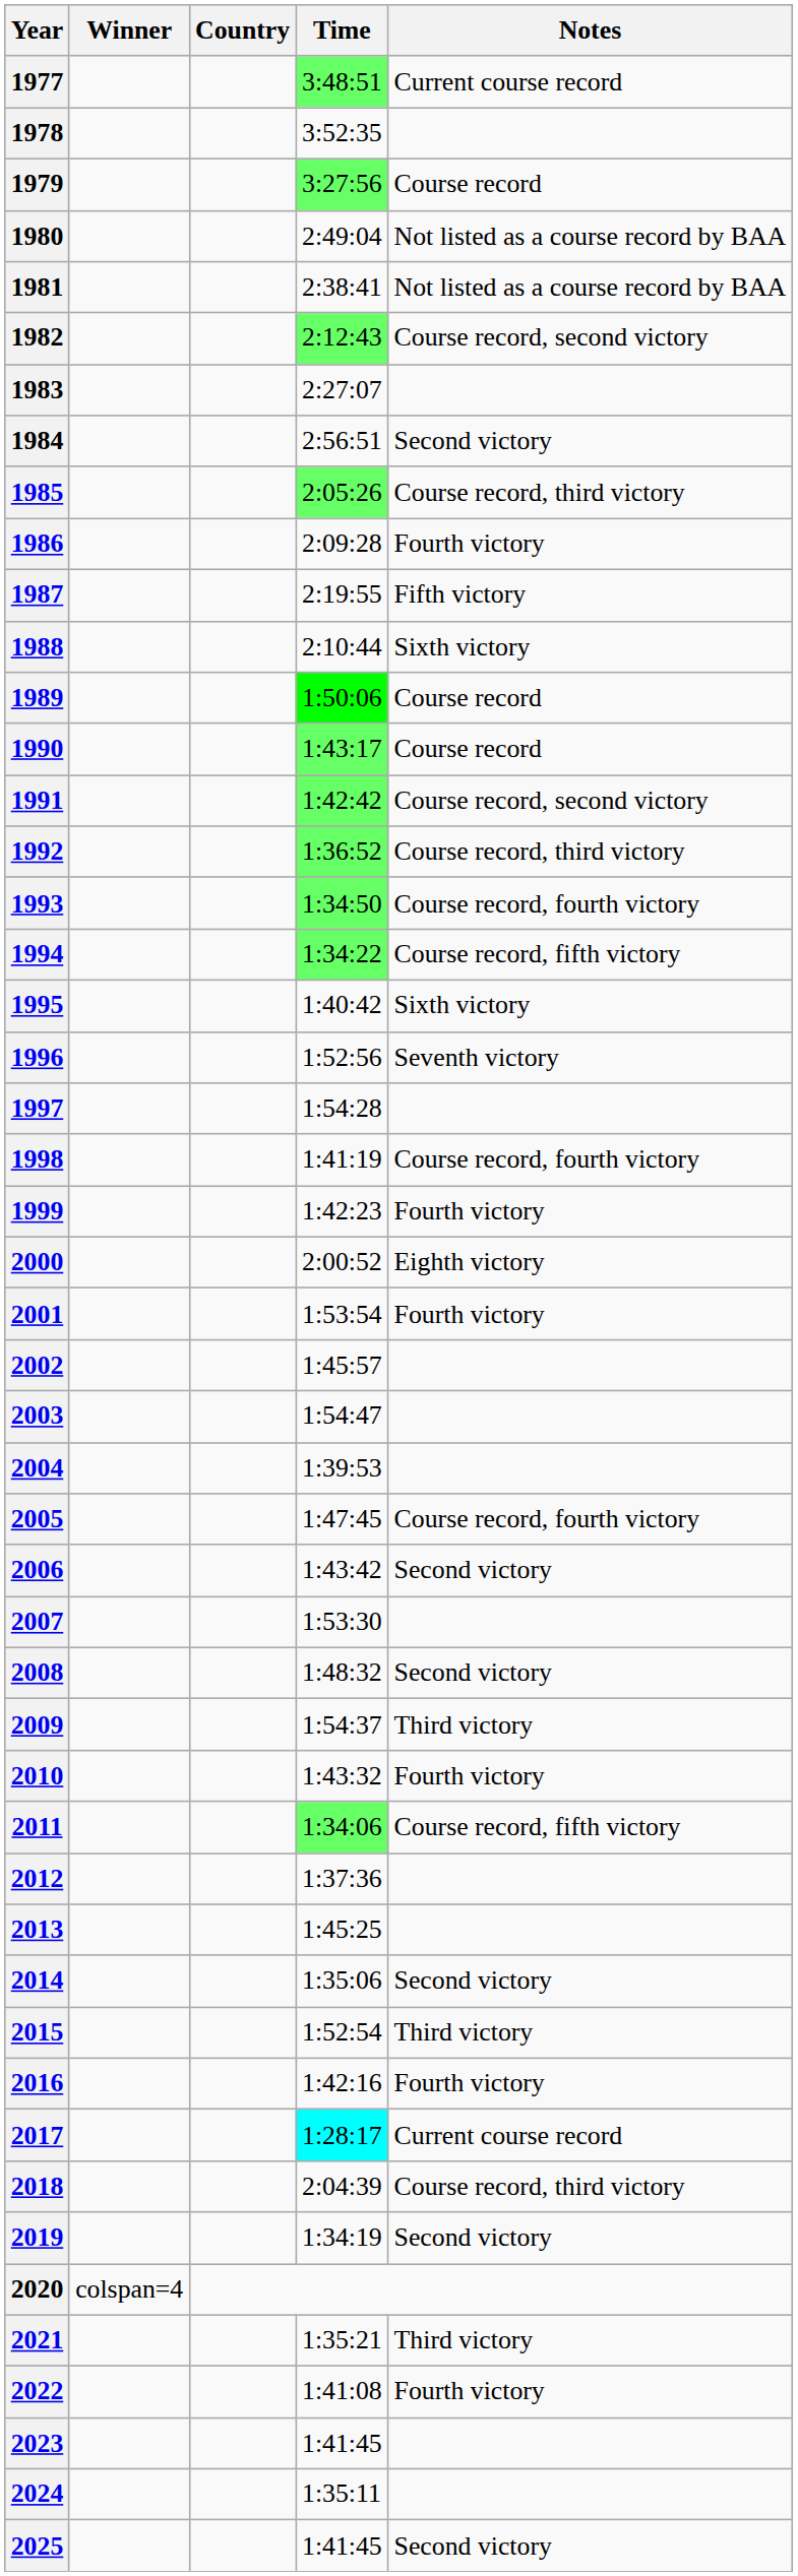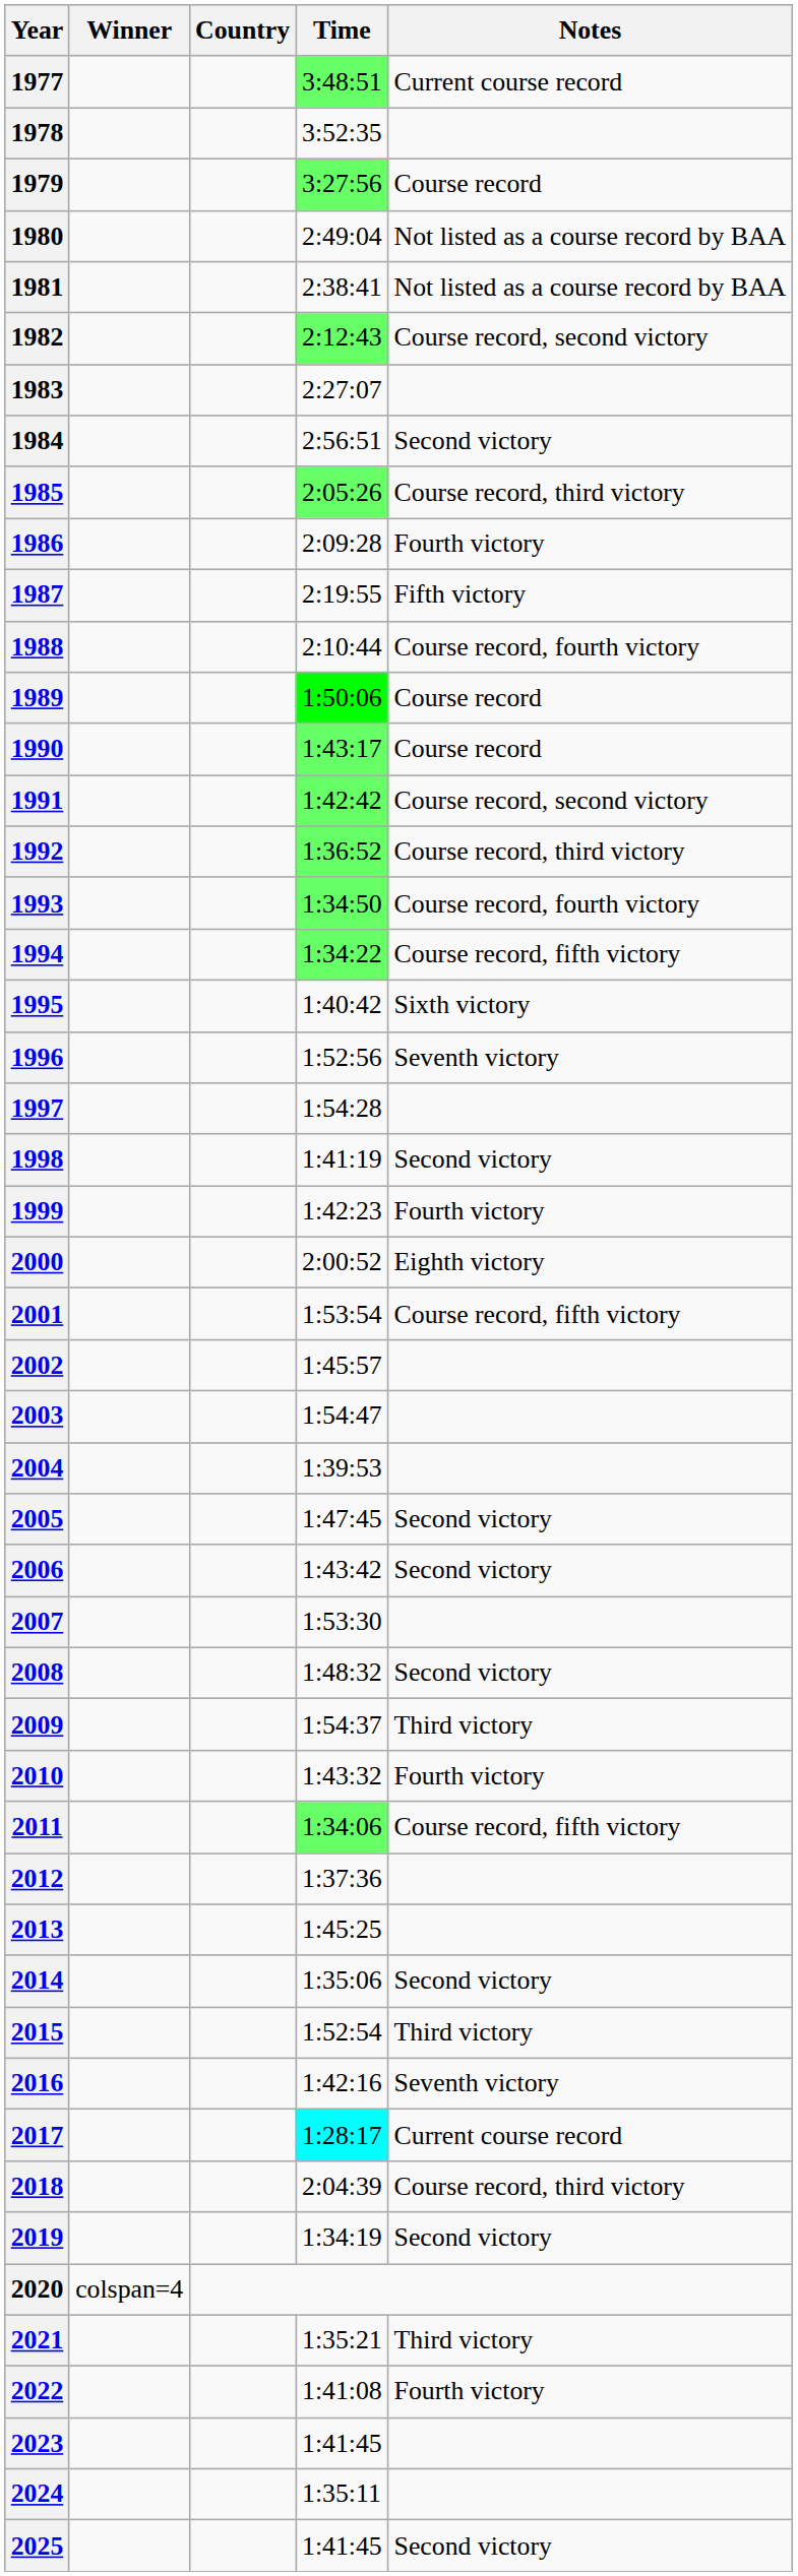 <table class="wikitable sortable" style="font-size:1.00em; line-height:1.5em;">
 <tr>
 <th scope="col">Year</th>
 <th scope="col">Winner</th>
 <th scope="col">Country</th>
 <th scope="col" data-sort-type="time">Time</th>
 <th scope="col" class="unsortable">Notes</th>
 </tr>
 <tr>
 <th scope="row">1977</th>
 <td></td>
 <td></td>
 <td style="background-color:#66ff66">3:48:51</td>
 <td>Current course record</td>
 </tr>
 <tr>
 <th scope="row">1978</th>
 <td></td>
 <td></td>
 <td>3:52:35</td>
 <td></td>
 </tr>
 <tr>
 <th scope="row">1979</th>
 <td></td>
 <td></td>
 <td style="background-color:#66ff66">3:27:56</td>
 <td>Course record</td>
 </tr>
 <tr>
 <th scope="row">1980</th>
 <td></td>
 <td></td>
 <td>2:49:04</td>
 <td>Not listed as a course record by BAA</td>
 </tr>
 <tr>
 <th scope="row">1981</th>
 <td></td>
 <td></td>
 <td>2:38:41</td>
 <td>Not listed as a course record by BAA</td>
 </tr>
 <tr>
 <th scope="row">1982</th>
 <td></td>
 <td></td>
 <td style="background-color:#66ff66">2:12:43</td>
 <td>Course record, second victory</td>
 </tr>
 <tr>
 <th scope="row">1983</th>
 <td></td>
 <td></td>
 <td>2:27:07</td>
 <td></td>
 </tr>
 <tr>
 <th scope="row">1984</th>
 <td></td>
 <td></td>
 <td>2:56:51</td>
 <td>Second victory</td>
 </tr>
 <tr>
 <th scope="row"><a href='#'>1985</a></th>
 <td></td>
 <td></td>
 <td style="background-color:#66ff66">2:05:26</td>
 <td>Course record, third victory</td>
 </tr>
 <tr>
 <th scope="row"><a href='#'>1986</a></th>
 <td></td>
 <td></td>
 <td>2:09:28</td>
 <td>Fourth victory</td>
 </tr>
 <tr>
 <th scope="row"><a href='#'>1987</a></th>
 <td></td>
 <td></td>
 <td>2:19:55</td>
 <td>Fifth victory</td>
 </tr>
 <tr>
 <th scope="row"><a href='#'>1988</a></th>
 <td></td>
 <td></td>
 <td>2:10:44</td>
-<td>Sixth victory</td>
+<td>Course record, fourth victory</td>
 </tr>
 <tr>
 <th scope="row"><a href='#'>1989</a></th>
 <td></td>
 <td></td>
 <td style="background-color:#00ff00">1:50:06</td>
 <td>Course record</td>
 </tr>
 <tr>
 <th scope="row"><a href='#'>1990</a></th>
 <td></td>
 <td></td>
 <td style="background-color:#66ff66">1:43:17</td>
 <td>Course record</td>
 </tr>
 <tr>
 <th scope="row"><a href='#'>1991</a></th>
 <td></td>
 <td></td>
 <td style="background-color:#66ff66">1:42:42</td>
 <td>Course record, second victory</td>
 </tr>
 <tr>
 <th scope="row"><a href='#'>1992</a></th>
 <td></td>
 <td></td>
 <td style="background-color:#66ff66">1:36:52</td>
 <td>Course record, third victory</td>
 </tr>
 <tr>
 <th scope="row"><a href='#'>1993</a></th>
 <td></td>
 <td></td>
 <td style="background-color:#66ff66">1:34:50</td>
 <td>Course record, fourth victory</td>
 </tr>
 <tr>
 <th scope="row"><a href='#'>1994</a></th>
 <td></td>
 <td></td>
 <td style="background-color:#66ff66">1:34:22</td>
 <td>Course record, fifth victory</td>
 </tr>
 <tr>
 <th scope="row"><a href='#'>1995</a></th>
 <td></td>
 <td></td>
 <td>1:40:42</td>
 <td>Sixth victory</td>
 </tr>
 <tr>
 <th scope="row"><a href='#'>1996</a></th>
 <td></td>
 <td></td>
 <td>1:52:56</td>
 <td>Seventh victory</td>
 </tr>
 <tr>
 <th scope="row"><a href='#'>1997</a></th>
 <td></td>
 <td></td>
 <td>1:54:28</td>
 <td></td>
 </tr>
 <tr>
 <th scope="row"><a href='#'>1998</a></th>
 <td></td>
 <td></td>
 <td>1:41:19</td>
-<td>Course record, fourth victory</td>
+<td>Second victory</td>
 </tr>
 <tr>
 <th scope="row"><a href='#'>1999</a></th>
 <td></td>
 <td></td>
 <td>1:42:23</td>
 <td>Fourth victory</td>
 </tr>
 <tr>
 <th scope="row"><a href='#'>2000</a></th>
 <td></td>
 <td></td>
 <td>2:00:52</td>
 <td>Eighth victory</td>
 </tr>
 <tr>
 <th scope="row"><a href='#'>2001</a></th>
 <td></td>
 <td></td>
 <td>1:53:54</td>
-<td>Fourth victory</td>
+<td>Course record, fifth victory</td>
 </tr>
 <tr>
 <th scope="row"><a href='#'>2002</a></th>
 <td></td>
 <td></td>
 <td>1:45:57</td>
 <td></td>
 </tr>
 <tr>
 <th scope="row"><a href='#'>2003</a></th>
 <td></td>
 <td></td>
 <td>1:54:47</td>
 <td></td>
 </tr>
 <tr>
 <th scope="row"><a href='#'>2004</a></th>
 <td></td>
 <td></td>
 <td>1:39:53</td>
 <td></td>
 </tr>
 <tr>
 <th scope="row"><a href='#'>2005</a></th>
 <td></td>
 <td></td>
 <td>1:47:45</td>
-<td>Course record, fourth victory</td>
+<td>Second victory</td>
 </tr>
 <tr>
 <th scope="row"><a href='#'>2006</a></th>
 <td></td>
 <td></td>
 <td>1:43:42</td>
 <td>Second victory</td>
 </tr>
 <tr>
 <th scope="row"><a href='#'>2007</a></th>
 <td></td>
 <td></td>
 <td>1:53:30</td>
 <td></td>
 </tr>
 <tr>
 <th scope="row"><a href='#'>2008</a></th>
 <td></td>
 <td></td>
 <td>1:48:32</td>
 <td>Second victory</td>
 </tr>
 <tr>
 <th scope="row"><a href='#'>2009</a></th>
 <td></td>
 <td></td>
 <td>1:54:37</td>
 <td>Third victory</td>
 </tr>
 <tr>
 <th scope="row"><a href='#'>2010</a></th>
 <td></td>
 <td></td>
 <td>1:43:32</td>
 <td>Fourth victory</td>
 </tr>
 <tr>
 <th scope="row"><a href='#'>2011</a></th>
 <td></td>
 <td></td>
 <td style="background-color:#66ff66">1:34:06</td>
 <td>Course record, fifth victory</td>
 </tr>
 <tr>
 <th scope="row"><a href='#'>2012</a></th>
 <td></td>
 <td></td>
 <td>1:37:36</td>
 <td></td>
 </tr>
 <tr>
 <th scope="row"><a href='#'>2013</a></th>
 <td></td>
 <td></td>
 <td>1:45:25</td>
 <td></td>
 </tr>
 <tr>
 <th scope="row"><a href='#'>2014</a></th>
 <td></td>
 <td></td>
 <td>1:35:06</td>
 <td>Second victory</td>
 </tr>
 <tr>
 <th scope="row"><a href='#'>2015</a></th>
 <td></td>
 <td></td>
 <td>1:52:54</td>
 <td>Third victory</td>
 </tr>
 <tr>
 <th scope="row"><a href='#'>2016</a></th>
 <td></td>
 <td></td>
 <td>1:42:16</td>
-<td>Fourth victory</td>
+<td>Seventh victory</td>
 </tr>
 <tr>
 <th scope="row"><a href='#'>2017</a></th>
 <td></td>
 <td></td>
 <td style="background-color:#00ffff">1:28:17</td>
 <td>Current course record</td>
 </tr>
 <tr>
 <th scope="row"><a href='#'>2018</a></th>
 <td></td>
 <td></td>
 <td>2:04:39</td>
 <td>Course record, third victory</td>
 </tr>
 <tr>
 <th scope="row"><a href='#'>2019</a></th>
 <td></td>
 <td></td>
 <td>1:34:19</td>
 <td>Second victory</td>
 </tr>
 <tr>
 <th scope="row">2020</th>
 <td>colspan=4 </td>
 </tr>
 <tr>
 <th scope="row"><a href='#'>2021</a></th>
 <td></td>
 <td></td>
 <td>1:35:21</td>
 <td>Third victory</td>
 </tr>
 <tr>
 <th scope="row"><a href='#'>2022</a></th>
 <td></td>
 <td></td>
 <td>1:41:08</td>
 <td>Fourth victory</td>
 </tr>
 <tr>
 <th><a href='#'>2023</a></th>
 <td></td>
 <td></td>
 <td>1:41:45</td>
 <td></td>
 </tr>
 <tr>
 <th><a href='#'>2024</a></th>
 <td></td>
 <td></td>
 <td>1:35:11</td>
 <td></td>
 </tr>
 <tr>
 <th><a href='#'>2025</a></th>
 <td></td>
 <td></td>
 <td>1:41:45</td>
 <td>Second victory</td>
 </tr>
 </table>
